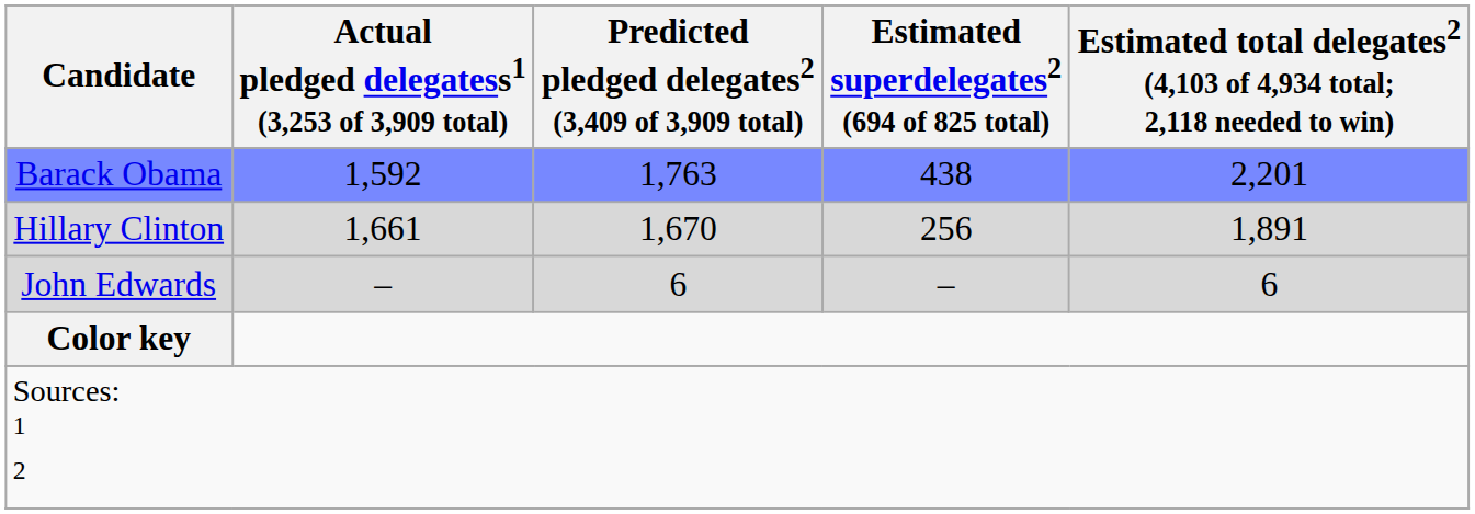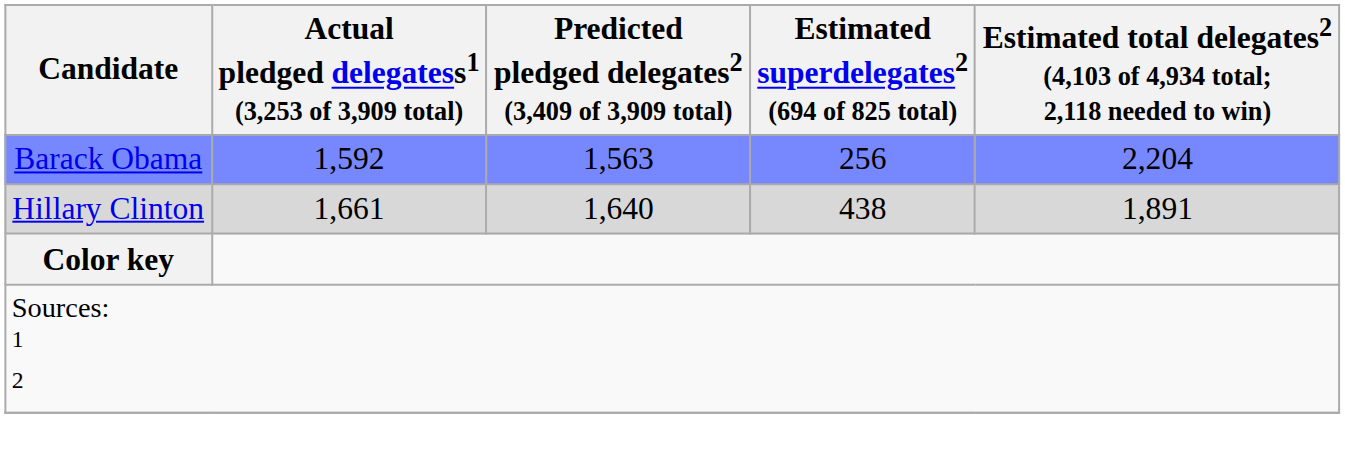 <table class="wikitable" style="margin: 1em auto; text-align:center;">
 <tr>
 <th>Candidate</th>
 <th>Actual<br>pledged <a href='#'>delegates</a>s<sup>1</sup><br><small>(3,253 of 3,909 total)</small></th>
 <th>Predicted<br>pledged delegates<sup>2</sup><br><small>(3,409 of 3,909 total)</small></th>
 <th>Estimated<br><a href='#'>superdelegates</a><sup>2</sup><br><small>(694 of 825 total)</small></th>
 <th>Estimated total delegates<sup>2</sup><br><small>(4,103 of 4,934 total;<br>2,118 needed to win)</small></th>
 </tr>
 <tr style="background:#7788FF;">
 <td><a href='#'>Barack Obama</a></td>
 <td>1,592</td>
-<td>1,763</td>
-<td>438</td>
-<td>2,201</td>
+<td>1,563</td>
+<td>256</td>
+<td>2,204</td>
 </tr>
 <tr style="background:#D8D8D8;">
 <td><a href='#'>Hillary Clinton</a></td>
 <td>1,661</td>
-<td>1,670</td>
-<td>256</td>
+<td>1,640</td>
+<td>438</td>
 <td>1,891</td>
-</tr>
-<tr style="background:#D8D8D8;">
-<td><a href='#'>John Edwards</a></td>
-<td>–</td>
-<td>6</td>
-<td>–</td>
-<td>6</td>
 </tr>
 <tr>
 <th>Color key</th>
 <td colspan="4" style="text-align:left;"><br> </td>
 </tr>
 <tr>
 <td colspan="5" style="text-align:left;font-size:90%;">Sources:<br><sup>1</sup> <br><sup>2</sup> </td>
 </tr>
 <tr>
 </tr>
 </table>
